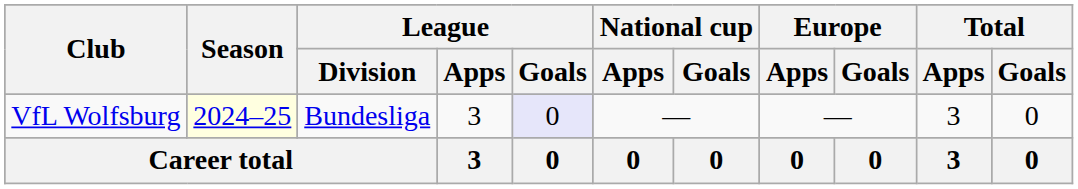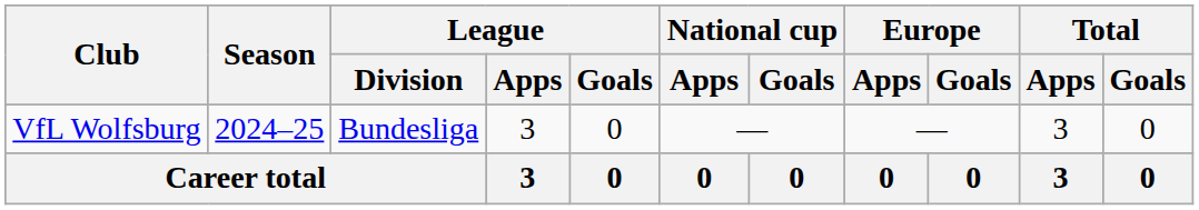 <table class="wikitable" style="text-align:center">
 <tr>
 <th rowspan="2">Club</th>
 <th rowspan="2">Season</th>
 <th colspan="3">League</th>
 <th colspan="2">National cup</th>
 <th colspan="2">Europe</th>
 <th colspan="2">Total</th>
 </tr>
 <tr>
 <th>Division</th>
 <th>Apps</th>
 <th>Goals</th>
 <th>Apps</th>
 <th>Goals</th>
 <th>Apps</th>
 <th>Goals</th>
 <th>Apps</th>
 <th>Goals</th>
 </tr>
 <tr>
 <td><a href='#'>VfL Wolfsburg</a></td>
-<td style="background: lightyellow;"><a href='#'>2024–25</a></td>
+<td><a href='#'>2024–25</a></td>
 <td><a href='#'>Bundesliga</a></td>
 <td>3</td>
-<td style="background: lavender;">0</td>
+<td>0</td>
 <td colspan="2">—</td>
 <td colspan="2">—</td>
 <td>3</td>
 <td>0</td>
 </tr>
 <tr>
 <th colspan="3">Career total</th>
 <th>3</th>
 <th>0</th>
 <th>0</th>
 <th>0</th>
 <th>0</th>
 <th>0</th>
 <th>3</th>
 <th>0</th>
 </tr>
 </table>
